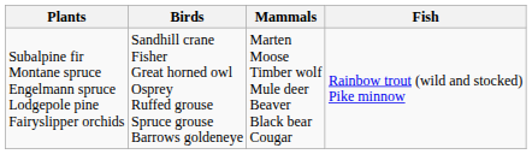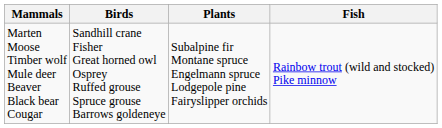 <table class="wikitable">
 <tr>
+<th>Mammals</th>
+<th>Birds</th>
 <th>Plants</th>
-<th>Birds</th>
-<th>Mammals</th>
 <th>Fish</th>
 </tr>
 <tr>
+<td>Marten<br>Moose<br>Timber wolf<br>Mule deer<br>Beaver<br>Black bear<br>Cougar</td>
+<td>Sandhill crane<br>Fisher<br>Great horned owl<br>Osprey<br>Ruffed grouse<br>Spruce grouse<br>Barrows goldeneye</td>
 <td>Subalpine fir<br>Montane spruce<br>Engelmann spruce<br>Lodgepole pine<br>Fairyslipper orchids</td>
-<td>Sandhill crane<br>Fisher<br>Great horned owl<br>Osprey<br>Ruffed grouse<br>Spruce grouse<br>Barrows goldeneye</td>
-<td>Marten<br>Moose<br>Timber wolf<br>Mule deer<br>Beaver<br>Black bear<br>Cougar</td>
 <td><a href='#'>Rainbow trout</a> (wild and stocked)<br><a href='#'>Pike minnow</a></td>
 </tr>
 </table>
